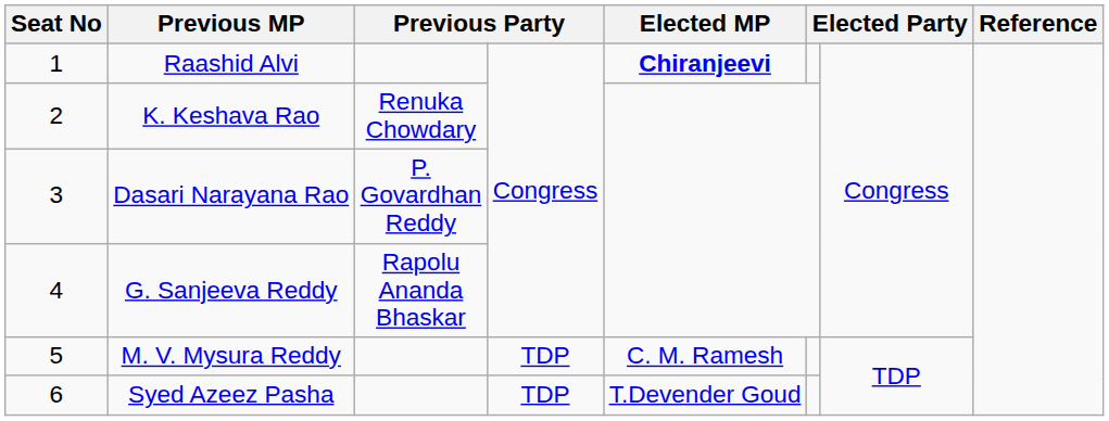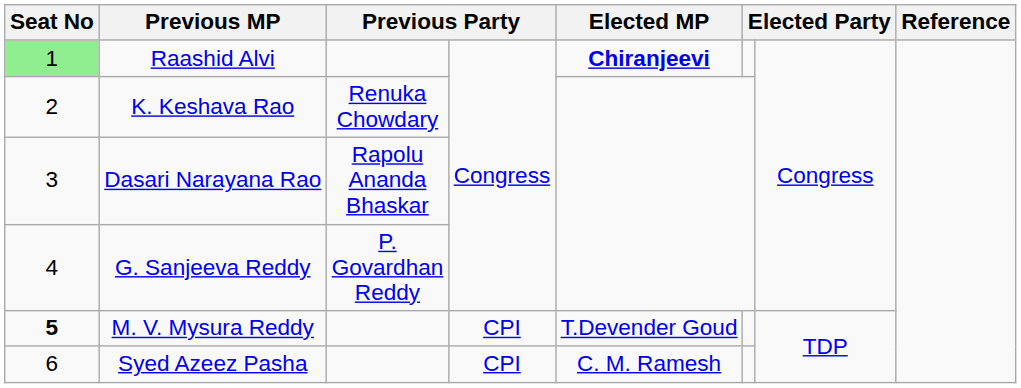 <table class="wikitable">
 <tr>
 <th>Seat No</th>
 <th>Previous MP</th>
 <th colspan=2>Previous Party</th>
 <th>Elected MP</th>
 <th colspan=2>Elected Party</th>
 <th>Reference</th>
 </tr>
 <tr style="text-align:center;">
-<td>1</td>
+<td style="background: lightgreen;">1</td>
 <td><a href='#'>Raashid Alvi</a></td>
 <td width="1px"></td>
 <td rowspan=4><a href='#'>Congress</a></td>
 <td><strong><a href='#'>Chiranjeevi</a></strong></td>
 <td width="1px"></td>
 <td rowspan=4><a href='#'>Congress</a></td>
 <td rowspan=6></td>
 </tr>
 <tr style="text-align:center;">
 <td>2</td>
 <td><a href='#'>K. Keshava Rao</a></td>
 <td><a href='#'>Renuka Chowdary</a></td>
 </tr>
 <tr style="text-align:center;">
 <td>3</td>
 <td><a href='#'>Dasari Narayana Rao</a></td>
-<td><a href='#'>P. Govardhan Reddy</a></td>
+<td><a href='#'>Rapolu Ananda Bhaskar</a></td>
 </tr>
 <tr style="text-align:center;">
 <td>4</td>
 <td><a href='#'>G. Sanjeeva Reddy</a></td>
-<td><a href='#'>Rapolu Ananda Bhaskar</a></td>
+<td><a href='#'>P. Govardhan Reddy</a></td>
 </tr>
 <tr style="text-align:center;">
-<td>5</td>
+<td><strong>5</strong></td>
 <td><a href='#'>M. V. Mysura Reddy</a></td>
 <td width="1px"></td>
-<td><a href='#'>TDP</a></td>
-<td><a href='#'>C. M. Ramesh</a></td>
+<td><a href='#'>CPI</a></td>
+<td><a href='#'>T.Devender Goud</a></td>
 <td width="1px"></td>
 <td rowspan=2><a href='#'>TDP</a></td>
 </tr>
 <tr style="text-align:center;">
 <td>6</td>
 <td><a href='#'>Syed Azeez Pasha</a></td>
 <td width="1px"></td>
-<td><a href='#'>TDP</a></td>
-<td><a href='#'>T.Devender Goud</a></td>
+<td><a href='#'>CPI</a></td>
+<td><a href='#'>C. M. Ramesh</a></td>
 </tr>
 </table>
